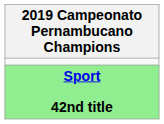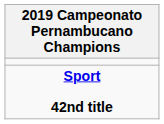 <table class="wikitable" style="text-align: center; margin: 0 auto; width: 20%">
 <tr>
 <th>2019 Campeonato Pernambucano Champions</th>
 </tr>
 <tr>
 <td></td>
 </tr>
 <tr>
-<td style="background: lightgreen;"><strong><a href='#'>Sport</a></strong><br><br><strong>42nd title</strong></td>
+<td><strong><a href='#'>Sport</a></strong><br><br><strong>42nd title</strong></td>
 </tr>
 </table>
